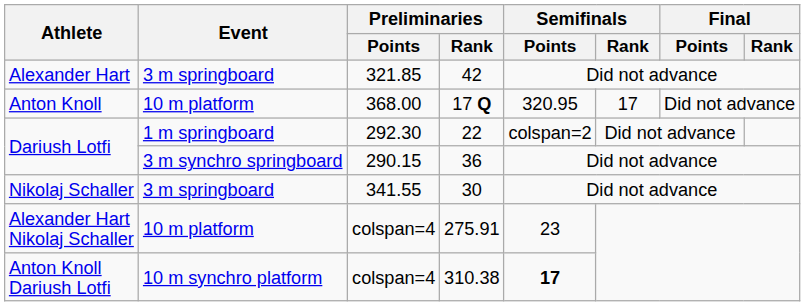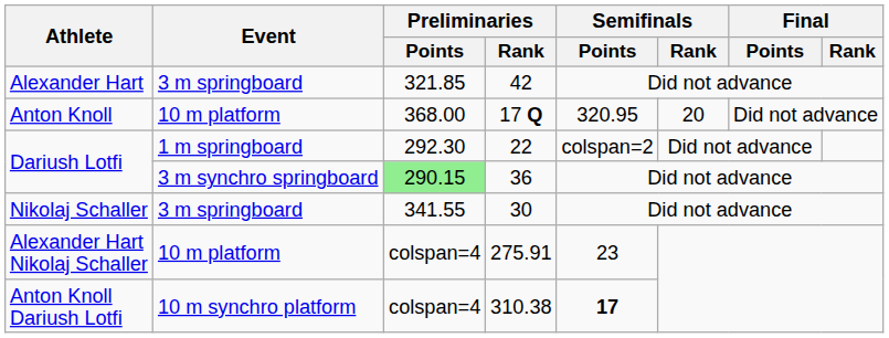 <table class="wikitable" style="text-align:center; font-size:90%; width:50%;">
 <tr>
 <th rowspan=2>Athlete</th>
 <th rowspan=2>Event</th>
 <th colspan=2>Preliminaries</th>
 <th colspan=2>Semifinals</th>
 <th colspan=2>Final</th>
 </tr>
 <tr style="font-size:95%">
 <th>Points</th>
 <th>Rank</th>
 <th>Points</th>
 <th>Rank</th>
 <th>Points</th>
 <th>Rank</th>
 </tr>
 <tr>
 <td align=left><a href='#'>Alexander Hart</a></td>
 <td align=left><a href='#'>3 m springboard</a></td>
 <td>321.85</td>
 <td>42</td>
 <td colspan=4>Did not advance</td>
 </tr>
 <tr>
 <td align=left><a href='#'>Anton Knoll</a></td>
 <td align=left><a href='#'>10 m platform</a></td>
 <td>368.00</td>
 <td>17 <strong>Q</strong></td>
 <td>320.95</td>
-<td>17</td>
+<td>20</td>
 <td colspan=2>Did not advance</td>
 </tr>
 <tr>
 <td align=left rowspan=2><a href='#'>Dariush Lotfi</a></td>
 <td align=left><a href='#'>1 m springboard</a></td>
 <td>292.30</td>
 <td>22</td>
 <td>colspan=2 </td>
 <td colspan=2>Did not advance</td>
 </tr>
 <tr>
 <td align=left><a href='#'>3 m synchro springboard</a></td>
-<td>290.15</td>
+<td style="background: lightgreen;">290.15</td>
 <td>36</td>
 <td colspan=4>Did not advance</td>
 </tr>
 <tr>
 <td align=left><a href='#'>Nikolaj Schaller</a></td>
 <td align=left><a href='#'>3 m springboard</a></td>
 <td>341.55</td>
 <td>30</td>
 <td colspan=4>Did not advance</td>
 </tr>
 <tr>
 <td align=left><a href='#'>Alexander Hart</a><br> <a href='#'>Nikolaj Schaller</a></td>
 <td align=left><a href='#'>10 m platform</a></td>
 <td>colspan=4 </td>
 <td>275.91</td>
 <td>23</td>
 </tr>
 <tr>
 <td align=left><a href='#'>Anton Knoll</a><br> <a href='#'>Dariush Lotfi</a></td>
 <td align=left><a href='#'>10 m synchro platform</a></td>
 <td>colspan=4 </td>
 <td>310.38</td>
 <td><strong>17</strong></td>
 </tr>
 </table>
